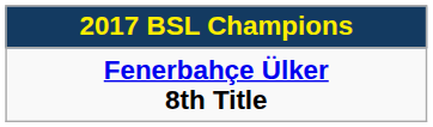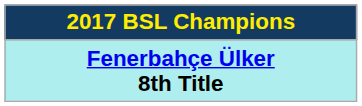 <table class="wikitable" style="margin: 0 auto; width: 20%;">
 <tr>
 <th style="background:#133A61 ; color:#FFED00">2017 BSL Champions</th>
 </tr>
 <tr>
-<td align=center><strong><a href='#'>Fenerbahçe Ülker</a></strong><br><strong>8th Title</strong> <br></td>
+<td align=center style="background: paleturquoise;"><strong><a href='#'>Fenerbahçe Ülker</a></strong><br><strong>8th Title</strong> <br></td>
 </tr>
 </table>
